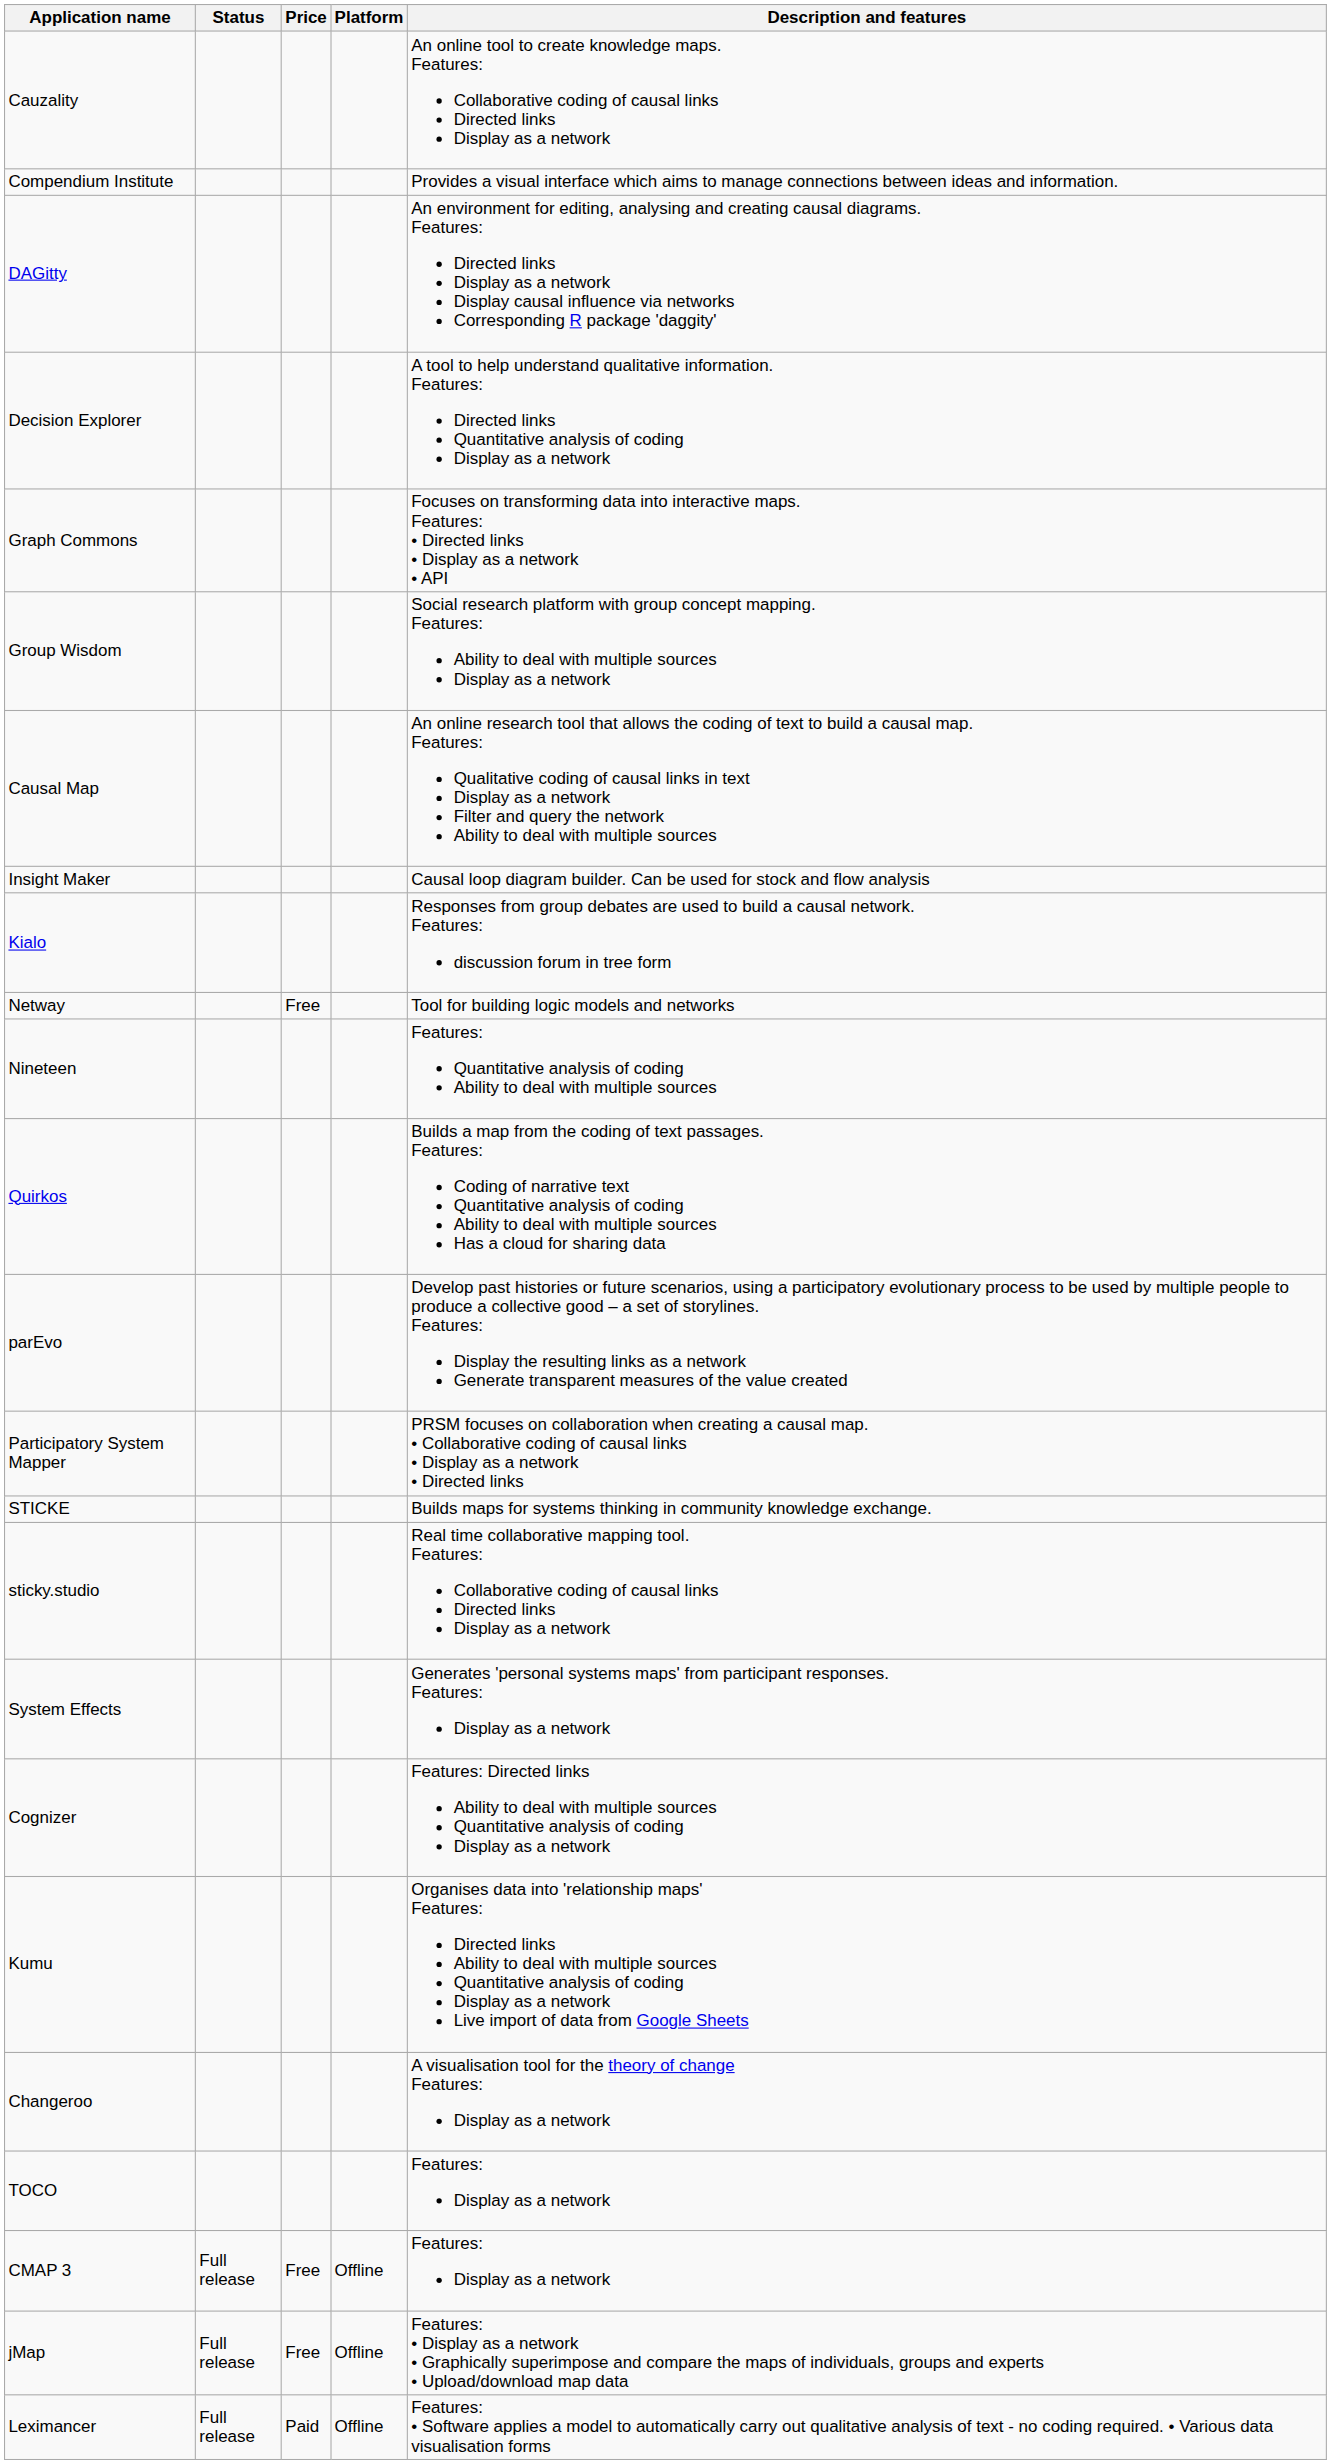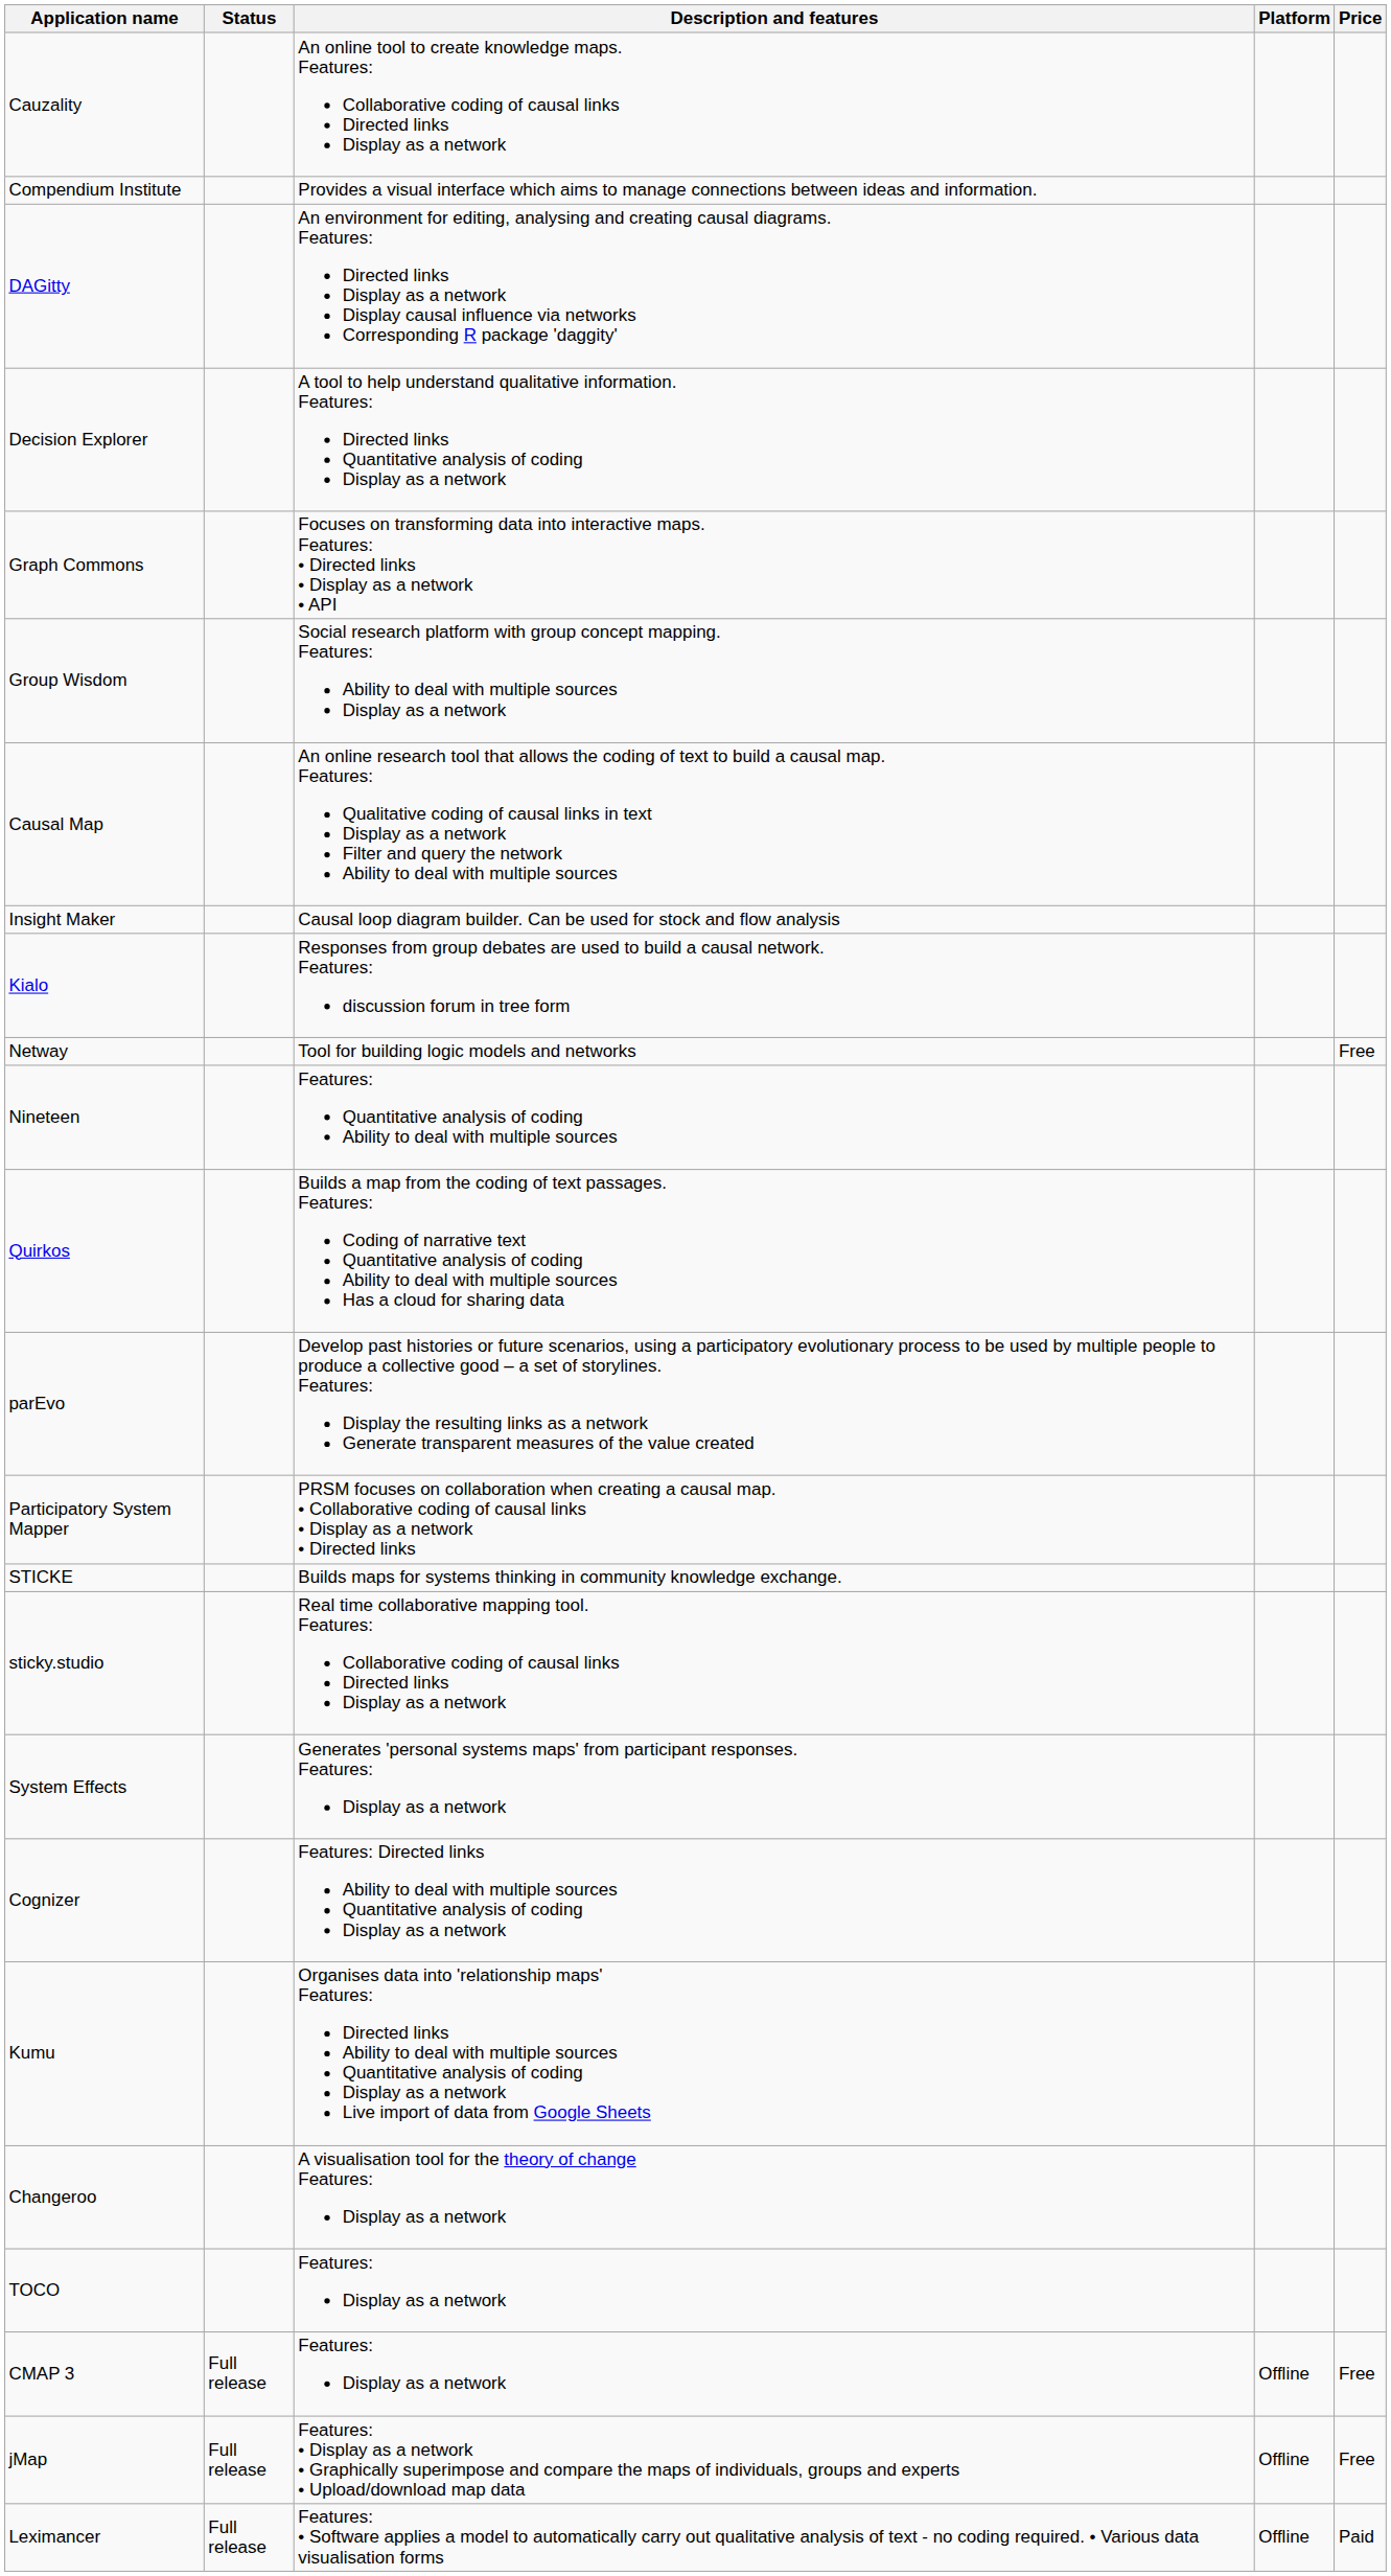 <table class="wikitable sortable">
 <tr>
 <th>Application name</th>
 <th>Status</th>
+<th>Description and features</th>
+<th>Platform</th>
 <th>Price</th>
-<th>Platform</th>
-<th>Description and features</th>
 </tr>
 <tr>
 <td>Cauzality</td>
 <td></td>
+<td>An online tool to create knowledge maps.<br>Features:<ul><li>Collaborative coding of causal links</li><li>Directed links</li><li>Display as a network</li></ul></td>
 <td></td>
 <td></td>
-<td>An online tool to create knowledge maps.<br>Features:<ul><li>Collaborative coding of causal links</li><li>Directed links</li><li>Display as a network</li></ul></td>
 </tr>
 <tr>
 <td>Compendium Institute</td>
 <td></td>
+<td>Provides a visual interface which aims to manage connections between ideas and information.</td>
 <td></td>
 <td></td>
-<td>Provides a visual interface which aims to manage connections between ideas and information.</td>
 </tr>
 <tr>
 <td><a href='#'>DAGitty</a></td>
 <td></td>
+<td>An environment for editing, analysing and creating causal diagrams.<br>Features:<ul><li>Directed links</li><li>Display as a network</li><li>Display causal influence via networks</li><li>Corresponding <a href='#'>R</a> package 'daggity'</li></ul></td>
 <td></td>
 <td></td>
-<td>An environment for editing, analysing and creating causal diagrams.<br>Features:<ul><li>Directed links</li><li>Display as a network</li><li>Display causal influence via networks</li><li>Corresponding <a href='#'>R</a> package 'daggity'</li></ul></td>
 </tr>
 <tr>
 <td>Decision Explorer</td>
 <td></td>
+<td>A tool to help understand qualitative information.<br>Features:<ul><li>Directed links</li><li>Quantitative analysis of coding</li><li>Display as a network</li></ul></td>
 <td></td>
 <td></td>
-<td>A tool to help understand qualitative information.<br>Features:<ul><li>Directed links</li><li>Quantitative analysis of coding</li><li>Display as a network</li></ul></td>
 </tr>
 <tr>
 <td>Graph Commons</td>
 <td></td>
+<td>Focuses on transforming data into interactive maps.<br>Features:<br>• Directed links<br>• Display as a network<br>• API</td>
 <td></td>
 <td></td>
-<td>Focuses on transforming data into interactive maps.<br>Features:<br>• Directed links<br>• Display as a network<br>• API</td>
 </tr>
 <tr>
 <td>Group Wisdom</td>
 <td></td>
+<td>Social research platform with group concept mapping.<br>Features:<ul><li>Ability to deal with multiple sources</li><li>Display as a network</li></ul></td>
 <td></td>
 <td></td>
-<td>Social research platform with group concept mapping.<br>Features:<ul><li>Ability to deal with multiple sources</li><li>Display as a network</li></ul></td>
 </tr>
 <tr>
 <td>Causal Map</td>
 <td></td>
+<td>An online research tool that allows the coding of text to build a causal map.<br>Features:<ul><li>Qualitative coding of causal links in text</li><li>Display as a network</li><li>Filter and query the network</li><li>Ability to deal with multiple sources</li></ul></td>
 <td></td>
 <td></td>
-<td>An online research tool that allows the coding of text to build a causal map.<br>Features:<ul><li>Qualitative coding of causal links in text</li><li>Display as a network</li><li>Filter and query the network</li><li>Ability to deal with multiple sources</li></ul></td>
 </tr>
 <tr>
 <td>Insight Maker</td>
 <td></td>
+<td>Causal loop diagram builder. Can be used for stock and flow analysis </td>
 <td></td>
 <td></td>
-<td>Causal loop diagram builder. Can be used for stock and flow analysis </td>
 </tr>
 <tr>
 <td><a href='#'>Kialo</a></td>
 <td></td>
+<td>Responses from group debates are used to build a causal network.<br>Features:<ul><li>discussion forum in tree form</li></ul></td>
 <td></td>
 <td></td>
-<td>Responses from group debates are used to build a causal network.<br>Features:<ul><li>discussion forum in tree form</li></ul></td>
 </tr>
 <tr>
 <td>Netway</td>
 <td></td>
+<td>Tool for building logic models and networks</td>
+<td></td>
 <td>Free</td>
-<td></td>
-<td>Tool for building logic models and networks</td>
 </tr>
 <tr>
 <td>Nineteen</td>
 <td></td>
+<td>Features:<br><ul><li>Quantitative analysis of coding</li><li>Ability to deal with multiple sources</li></ul></td>
 <td></td>
 <td></td>
-<td>Features:<br><ul><li>Quantitative analysis of coding</li><li>Ability to deal with multiple sources</li></ul></td>
 </tr>
 <tr>
 <td><a href='#'>Quirkos</a></td>
 <td></td>
+<td>Builds a map from the coding of text passages.<br>Features:<ul><li>Coding of narrative text</li><li>Quantitative analysis of coding</li><li>Ability to deal with multiple sources</li><li>Has a cloud for sharing data</li></ul></td>
 <td></td>
 <td></td>
-<td>Builds a map from the coding of text passages.<br>Features:<ul><li>Coding of narrative text</li><li>Quantitative analysis of coding</li><li>Ability to deal with multiple sources</li><li>Has a cloud for sharing data</li></ul></td>
 </tr>
 <tr>
 <td>parEvo</td>
 <td></td>
+<td>Develop past histories or future scenarios, using a participatory evolutionary process to be used by multiple people to produce a collective good – a set of storylines.<br>Features:<ul><li>Display the resulting links as a network</li><li>Generate transparent measures of the value created</li></ul></td>
 <td></td>
 <td></td>
-<td>Develop past histories or future scenarios, using a participatory evolutionary process to be used by multiple people to produce a collective good – a set of storylines.<br>Features:<ul><li>Display the resulting links as a network</li><li>Generate transparent measures of the value created</li></ul></td>
 </tr>
 <tr>
 <td>Participatory System Mapper</td>
 <td></td>
+<td>PRSM focuses on collaboration when creating a causal map.<br>• Collaborative coding of causal links<br>• Display as a network<br>• Directed links</td>
 <td></td>
 <td></td>
-<td>PRSM focuses on collaboration when creating a causal map.<br>• Collaborative coding of causal links<br>• Display as a network<br>• Directed links</td>
 </tr>
 <tr>
 <td>STICKE</td>
 <td></td>
+<td>Builds maps for systems thinking in community knowledge exchange.</td>
 <td></td>
 <td></td>
-<td>Builds maps for systems thinking in community knowledge exchange.</td>
 </tr>
 <tr>
 <td>sticky.studio</td>
 <td></td>
+<td>Real time collaborative mapping tool.<br>Features:<ul><li>Collaborative coding of causal links</li><li>Directed links</li><li>Display as a network</li></ul></td>
 <td></td>
 <td></td>
-<td>Real time collaborative mapping tool.<br>Features:<ul><li>Collaborative coding of causal links</li><li>Directed links</li><li>Display as a network</li></ul></td>
 </tr>
 <tr>
 <td>System Effects</td>
 <td></td>
+<td>Generates 'personal systems maps' from participant responses.<br>Features:<ul><li>Display as a network</li></ul></td>
 <td></td>
 <td></td>
-<td>Generates 'personal systems maps' from participant responses.<br>Features:<ul><li>Display as a network</li></ul></td>
 </tr>
 <tr>
 <td>Cognizer</td>
 <td></td>
+<td>Features: Directed links<br><ul><li>Ability to deal with multiple sources</li><li>Quantitative analysis of coding</li><li>Display as a network</li></ul></td>
 <td></td>
 <td></td>
-<td>Features: Directed links<br><ul><li>Ability to deal with multiple sources</li><li>Quantitative analysis of coding</li><li>Display as a network</li></ul></td>
 </tr>
 <tr>
 <td>Kumu</td>
 <td></td>
+<td>Organises data into 'relationship maps'<br>Features:<ul><li>Directed links</li><li>Ability to deal with multiple sources</li><li>Quantitative analysis of coding</li><li>Display as a network</li><li>Live import of data from <a href='#'>Google Sheets</a></li></ul></td>
 <td></td>
 <td></td>
-<td>Organises data into 'relationship maps'<br>Features:<ul><li>Directed links</li><li>Ability to deal with multiple sources</li><li>Quantitative analysis of coding</li><li>Display as a network</li><li>Live import of data from <a href='#'>Google Sheets</a></li></ul></td>
 </tr>
 <tr>
 <td>Changeroo</td>
 <td></td>
+<td>A visualisation tool for the <a href='#'>theory of change</a><br>Features:<ul><li>Display as a network</li></ul></td>
 <td></td>
 <td></td>
-<td>A visualisation tool for the <a href='#'>theory of change</a><br>Features:<ul><li>Display as a network</li></ul></td>
 </tr>
 <tr>
 <td>TOCO</td>
 <td></td>
+<td>Features:<br><ul><li>Display as a network</li></ul></td>
 <td></td>
 <td></td>
-<td>Features:<br><ul><li>Display as a network</li></ul></td>
 </tr>
 <tr>
 <td>CMAP 3</td>
 <td>Full release</td>
+<td>Features:<br><ul><li>Display as a network</li></ul></td>
+<td>Offline</td>
 <td>Free</td>
-<td>Offline</td>
-<td>Features:<br><ul><li>Display as a network</li></ul></td>
 </tr>
 <tr>
 <td>jMap </td>
 <td>Full release</td>
+<td>Features:<br>• Display as a network<br>• Graphically superimpose and compare the maps of individuals, groups and experts<br>• Upload/download map data</td>
+<td>Offline</td>
 <td>Free</td>
-<td>Offline</td>
-<td>Features:<br>• Display as a network<br>• Graphically superimpose and compare the maps of individuals, groups and experts<br>• Upload/download map data</td>
 </tr>
 <tr>
 <td>Leximancer</td>
 <td>Full release</td>
+<td>Features:<br>• Software applies a model to automatically carry out qualitative analysis of text - no coding required. • Various data visualisation forms</td>
+<td>Offline</td>
 <td>Paid</td>
-<td>Offline</td>
-<td>Features:<br>• Software applies a model to automatically carry out qualitative analysis of text - no coding required. • Various data visualisation forms</td>
 </tr>
 </table>
